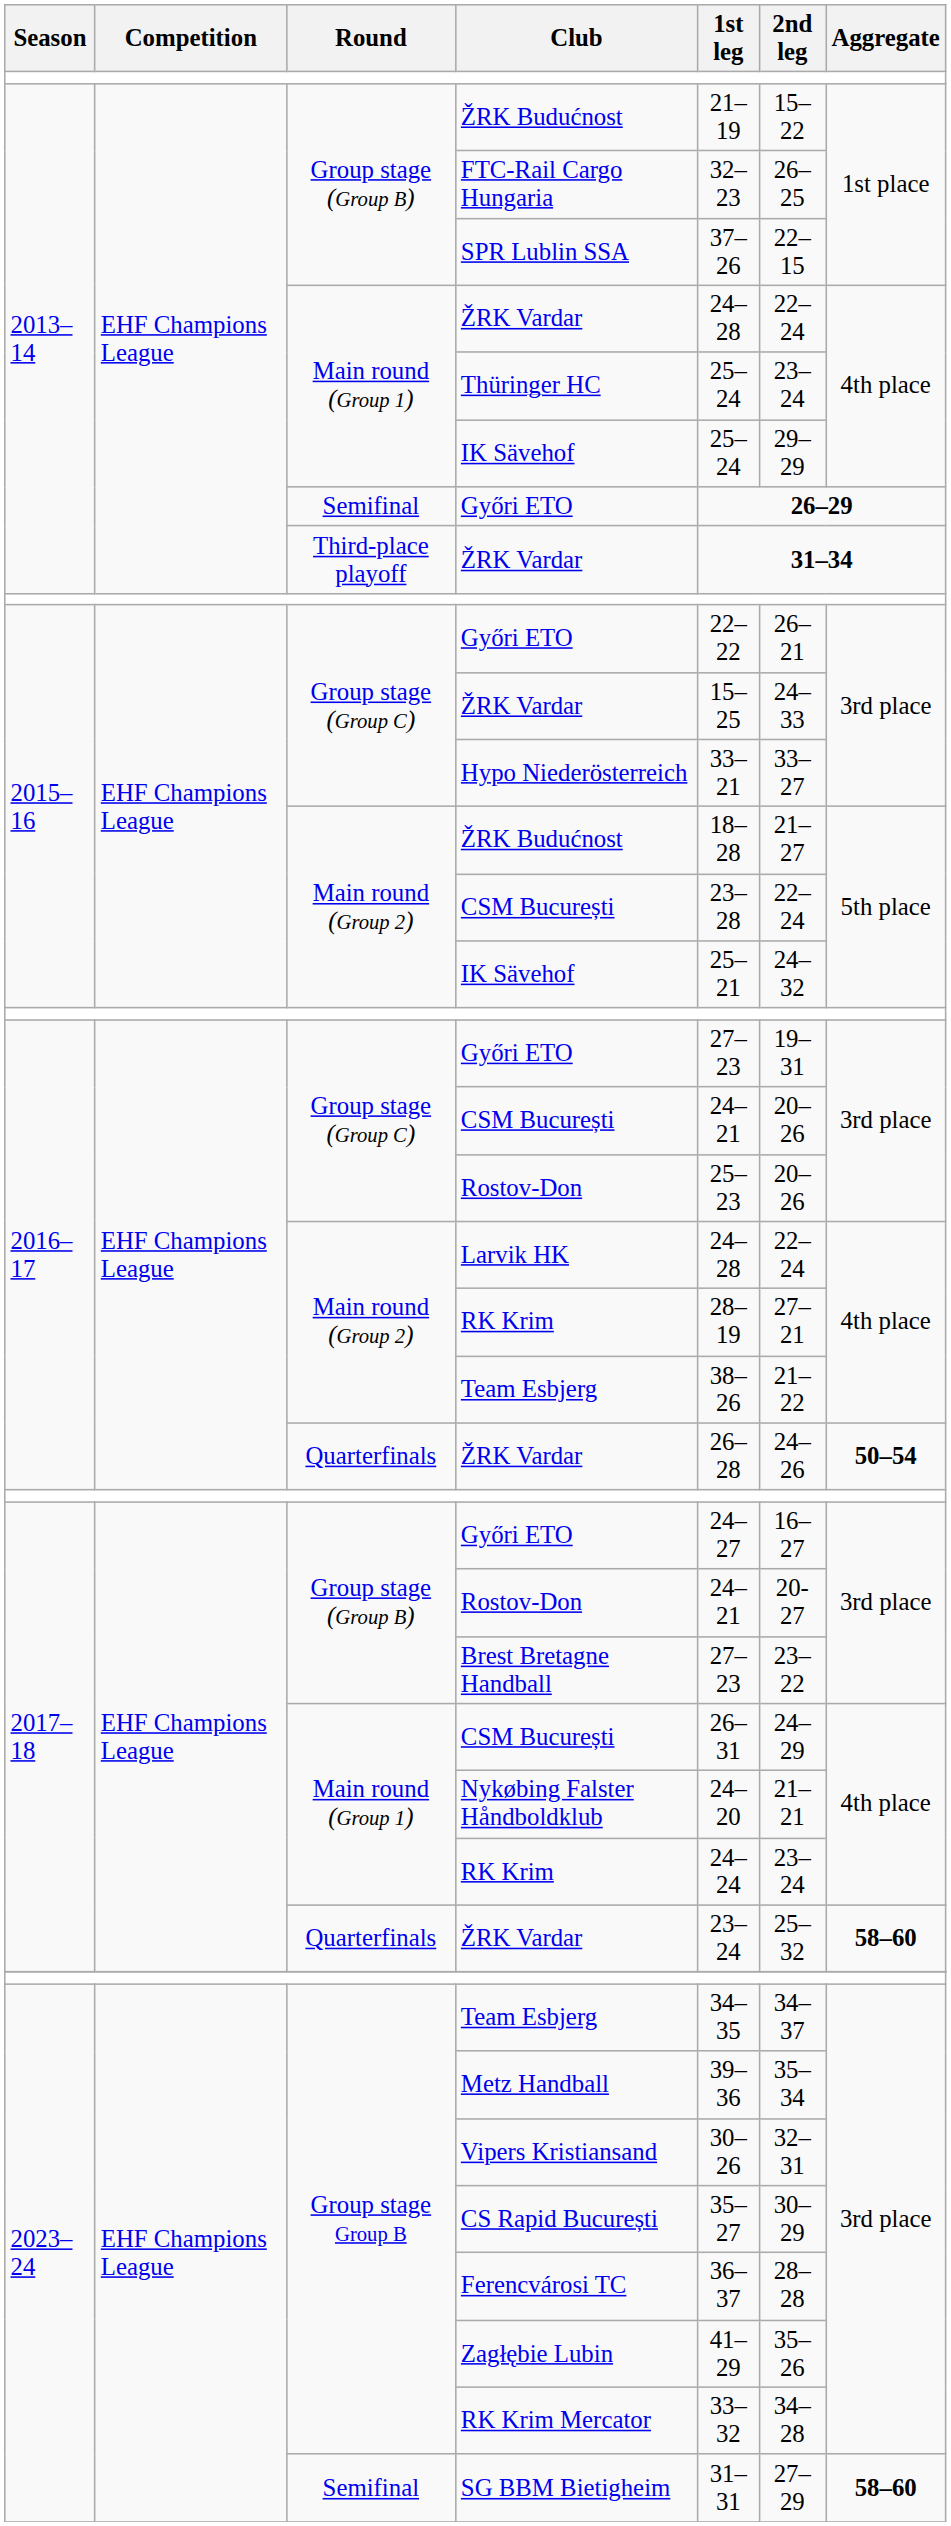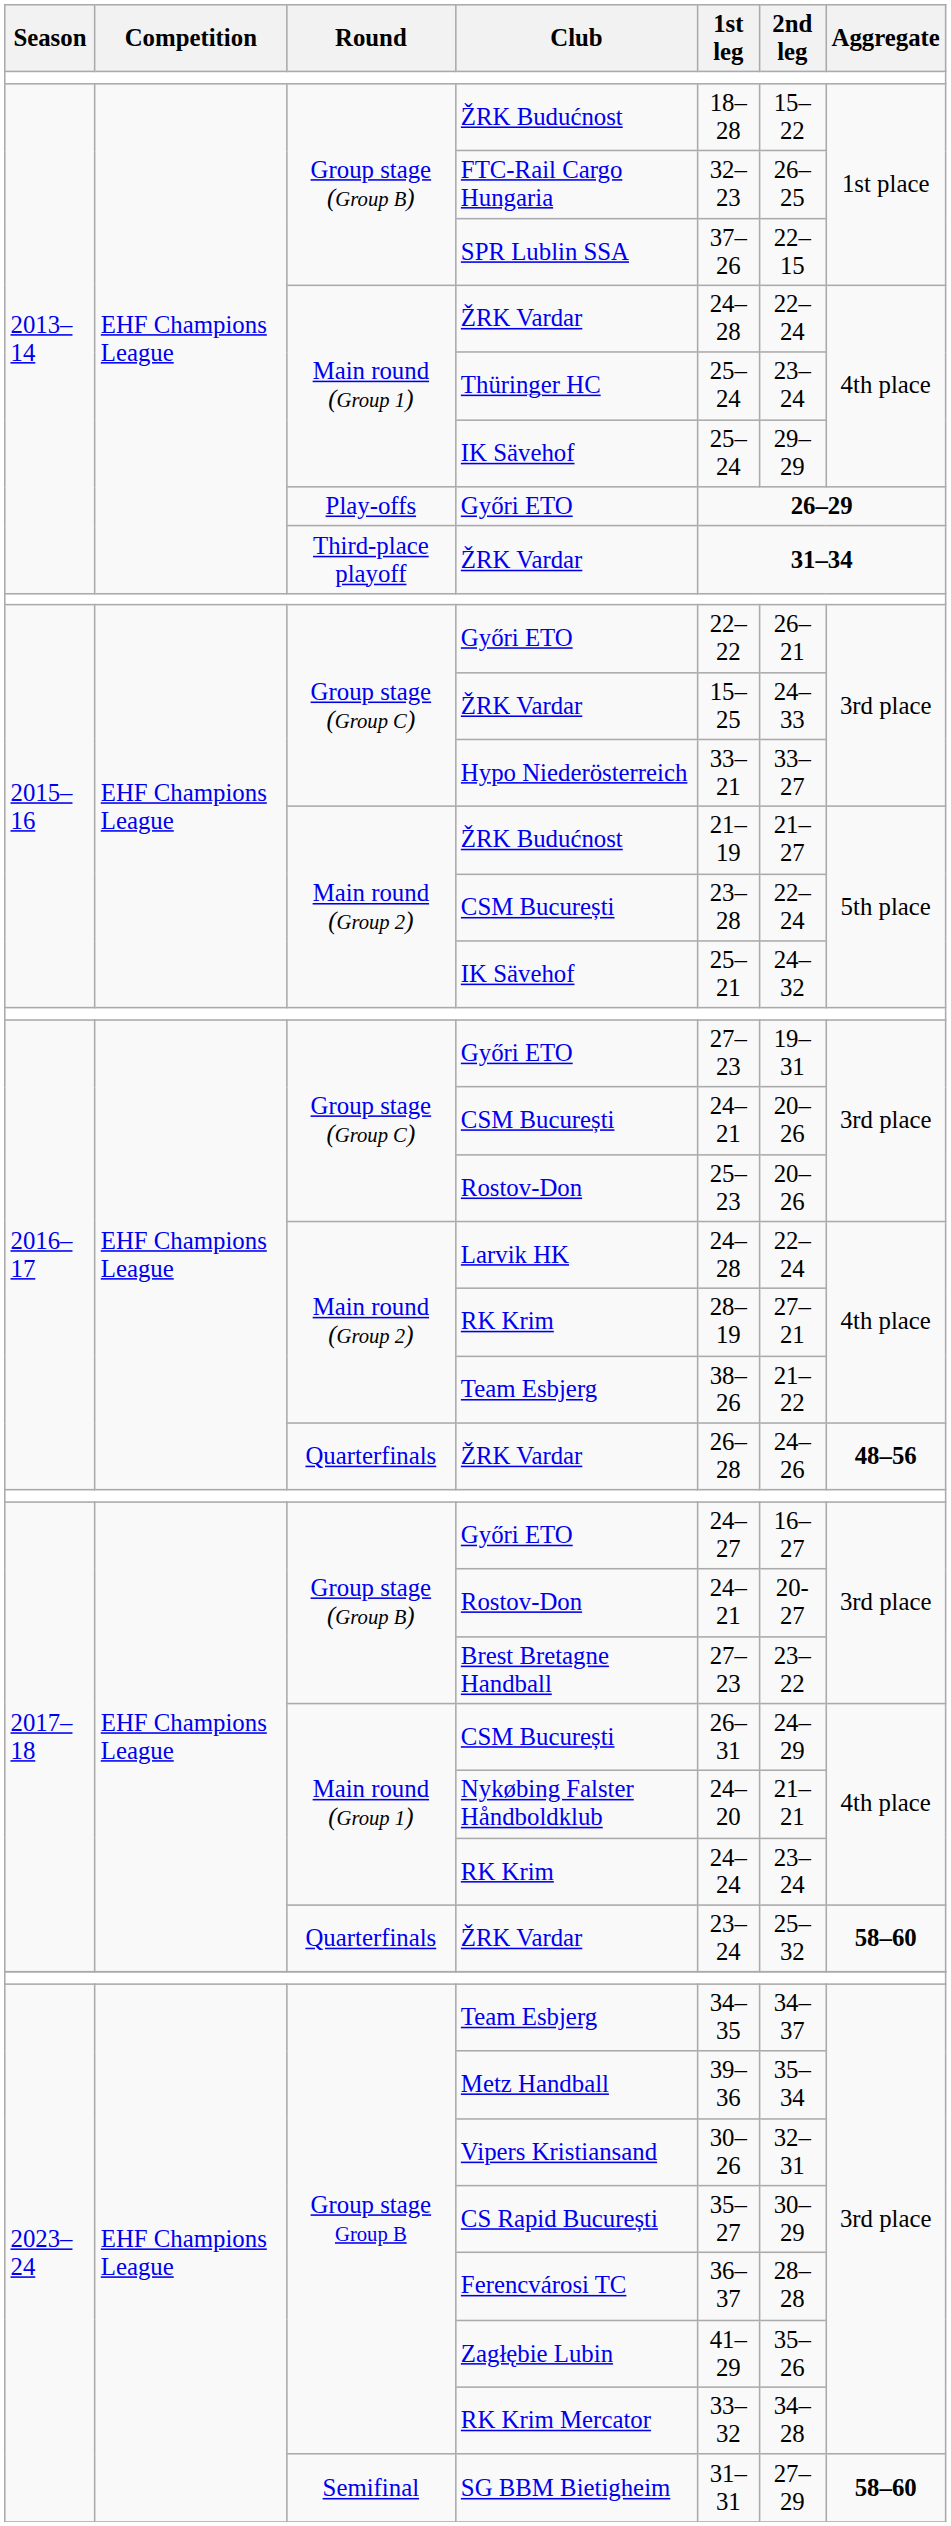 <table class="wikitable">
 <tr>
 <th>Season</th>
 <th>Competition</th>
 <th>Round</th>
 <th>Club</th>
 <th>1st leg</th>
 <th>2nd leg</th>
 <th>Aggregate</th>
 </tr>
 <tr>
 <td colspan="7" bgcolor=white></td>
 </tr>
 <tr>
 <td rowspan="8"><a href='#'>2013–14</a></td>
 <td rowspan="8"><a href='#'>EHF Champions League</a></td>
 <td rowspan="3" style="text-align:center;"><a href='#'>Group stage</a> <br><em>(<small>Group B</small>)</em></td>
 <td> <a href='#'>ŽRK Budućnost</a></td>
-<td style="text-align:center;">21–19</td>
+<td style="text-align:center;">18–28</td>
 <td style="text-align:center;">15–22</td>
 <td rowspan="3" style="text-align:center;">1st place</td>
 </tr>
 <tr>
 <td> <a href='#'>FTC-Rail Cargo Hungaria</a></td>
 <td style="text-align:center;">32–23</td>
 <td style="text-align:center;">26–25</td>
 </tr>
 <tr>
 <td> <a href='#'>SPR Lublin SSA</a></td>
 <td style="text-align:center;">37–26</td>
 <td style="text-align:center;">22–15</td>
 </tr>
 <tr>
 <td rowspan="3" style="text-align:center;"><a href='#'>Main round</a><br><em>(<small>Group 1</small>)</em></td>
 <td> <a href='#'>ŽRK Vardar</a></td>
 <td style="text-align:center;">24–28</td>
 <td style="text-align:center;">22–24</td>
 <td rowspan="3" style="text-align:center;">4th place</td>
 </tr>
 <tr>
 <td> <a href='#'>Thüringer HC</a></td>
 <td style="text-align:center;">25–24</td>
 <td style="text-align:center;">23–24</td>
 </tr>
 <tr>
 <td> <a href='#'>IK Sävehof</a></td>
 <td style="text-align:center;">25–24</td>
 <td style="text-align:center;">29–29</td>
 </tr>
 <tr>
-<td rowspan="1" style="text-align:center;"><a href='#'>Semifinal</a></td>
+<td rowspan="1" style="text-align:center;"><a href='#'>Play-offs</a></td>
 <td> <a href='#'>Győri ETO</a></td>
 <td align=center colspan=3><strong>26–29</strong></td>
 </tr>
 <tr>
 <td rowspan="1" style="text-align:center;"><a href='#'>Third-place playoff</a></td>
 <td> <a href='#'>ŽRK Vardar</a></td>
 <td align=center colspan=3><strong>31–34</strong></td>
 </tr>
 <tr>
 <td colspan="7" bgcolor=white></td>
 </tr>
 <tr>
 <td rowspan="6"><a href='#'>2015–16</a></td>
 <td rowspan="6"><a href='#'>EHF Champions League</a></td>
 <td rowspan="3" style="text-align:center;"><a href='#'>Group stage</a><br><em>(<small>Group C</small>)</em></td>
 <td> <a href='#'>Győri ETO</a></td>
 <td style="text-align:center;">22–22</td>
 <td style="text-align:center;">26–21</td>
 <td rowspan="3" style="text-align:center;">3rd place</td>
 </tr>
 <tr>
 <td> <a href='#'>ŽRK Vardar</a></td>
 <td style="text-align:center;">15–25</td>
 <td style="text-align:center;">24–33</td>
 </tr>
 <tr>
 <td> <a href='#'>Hypo Niederösterreich</a></td>
 <td style="text-align:center;">33–21</td>
 <td style="text-align:center;">33–27</td>
 </tr>
 <tr>
 <td rowspan="3" style="text-align:center;"><a href='#'>Main round</a><br><em>(<small>Group 2</small>)</em></td>
 <td> <a href='#'>ŽRK Budućnost</a></td>
-<td style="text-align:center;">18–28</td>
+<td style="text-align:center;">21–19</td>
 <td style="text-align:center;">21–27</td>
 <td rowspan="3" style="text-align:center;">5th place</td>
 </tr>
 <tr>
 <td> <a href='#'>CSM București</a></td>
 <td style="text-align:center;">23–28</td>
 <td style="text-align:center;">22–24</td>
 </tr>
 <tr>
 <td> <a href='#'>IK Sävehof</a></td>
 <td style="text-align:center;">25–21</td>
 <td style="text-align:center;">24–32</td>
 </tr>
 <tr>
 <td colspan="7" bgcolor=white></td>
 </tr>
 <tr>
 <td rowspan="7"><a href='#'>2016–17</a></td>
 <td rowspan="7"><a href='#'>EHF Champions League</a></td>
 <td rowspan="3" style="text-align:center;"><a href='#'>Group stage</a><br><em>(<small>Group C</small>)</em></td>
 <td> <a href='#'>Győri ETO</a></td>
 <td style="text-align:center;">27–23</td>
 <td style="text-align:center;">19–31</td>
 <td rowspan="3" style="text-align:center;">3rd place</td>
 </tr>
 <tr>
 <td> <a href='#'>CSM București</a></td>
 <td style="text-align:center;">24–21</td>
 <td style="text-align:center;">20–26</td>
 </tr>
 <tr>
 <td> <a href='#'>Rostov-Don</a></td>
 <td style="text-align:center;">25–23</td>
 <td style="text-align:center;">20–26</td>
 </tr>
 <tr>
 <td rowspan="3" style="text-align:center;"><a href='#'>Main round</a><br><em>(<small>Group 2</small>)</em></td>
 <td> <a href='#'>Larvik HK</a></td>
 <td style="text-align:center;">24–28</td>
 <td style="text-align:center;">22–24</td>
 <td rowspan="3" style="text-align:center;">4th place</td>
 </tr>
 <tr>
 <td> <a href='#'>RK Krim</a></td>
 <td style="text-align:center;">28–19</td>
 <td style="text-align:center;">27–21</td>
 </tr>
 <tr>
 <td> <a href='#'>Team Esbjerg</a></td>
 <td style="text-align:center;">38–26</td>
 <td style="text-align:center;">21–22</td>
 </tr>
 <tr>
 <td rowspan="1" style="text-align:center;"><a href='#'>Quarterfinals</a></td>
 <td> <a href='#'>ŽRK Vardar</a></td>
 <td style="text-align:center;">26–28</td>
 <td style="text-align:center;">24–26</td>
-<td style="text-align:center;"><strong>50–54</strong></td>
+<td style="text-align:center;"><strong>48–56</strong></td>
 </tr>
 <tr>
 <td colspan="7" bgcolor=white></td>
 </tr>
 <tr>
 <td rowspan="7"><a href='#'>2017–18</a></td>
 <td rowspan="7"><a href='#'>EHF Champions League</a></td>
 <td rowspan="3" style="text-align:center;"><a href='#'>Group stage</a><br><em>(<small>Group B</small>)</em></td>
 <td> <a href='#'>Győri ETO</a></td>
 <td style="text-align:center;">24–27</td>
 <td style="text-align:center;">16–27</td>
 <td rowspan="3" style="text-align:center;">3rd place</td>
 </tr>
 <tr>
 <td> <a href='#'>Rostov-Don</a></td>
 <td style="text-align:center;">24–21</td>
 <td style="text-align:center;">20-27</td>
 </tr>
 <tr>
 <td> <a href='#'>Brest Bretagne Handball</a></td>
 <td style="text-align:center;">27–23</td>
 <td style="text-align:center;">23–22</td>
 </tr>
 <tr>
 <td rowspan="3" style="text-align:center;"><a href='#'>Main round</a><br><em>(<small>Group 1</small>)</em></td>
 <td> <a href='#'>CSM București</a></td>
 <td style="text-align:center;">26–31</td>
 <td style="text-align:center;">24–29</td>
 <td rowspan="3" style="text-align:center;">4th place</td>
 </tr>
 <tr>
 <td> <a href='#'>Nykøbing Falster Håndboldklub</a></td>
 <td style="text-align:center;">24–20</td>
 <td style="text-align:center;">21–21</td>
 </tr>
 <tr>
 <td> <a href='#'>RK Krim</a></td>
 <td style="text-align:center;">24–24</td>
 <td style="text-align:center;">23–24</td>
 </tr>
 <tr>
 <td rowspan="1" style="text-align:center;"><a href='#'>Quarterfinals</a></td>
 <td> <a href='#'>ŽRK Vardar</a></td>
 <td style="text-align:center;">23–24</td>
 <td style="text-align:center;">25–32</td>
 <td style="text-align:center;"><strong>58–60</strong></td>
 </tr>
 <tr>
 </tr>
 <tr>
 <td colspan=7 style="text-align: center;" bgcolor=white></td>
 </tr>
 <tr>
 <td rowspan=8><a href='#'>2023–24</a></td>
 <td rowspan=8><a href='#'>EHF Champions League</a></td>
 <td rowspan=7 style="text-align:center;"><a href='#'>Group stage<br><small>Group B</small></a></td>
 <td> <a href='#'>Team Esbjerg</a></td>
 <td style="text-align:center;">34–35</td>
 <td style="text-align:center;">34–37</td>
 <td align=center rowspan=7>3rd place</td>
 </tr>
 <tr>
 <td> <a href='#'>Metz Handball</a></td>
 <td style="text-align:center;">39–36</td>
 <td style="text-align:center;">35–34</td>
 </tr>
 <tr>
 <td> <a href='#'>Vipers Kristiansand</a></td>
 <td style="text-align:center;">30–26</td>
 <td style="text-align:center;">32–31</td>
 </tr>
 <tr>
 <td> <a href='#'>CS Rapid București</a></td>
 <td style="text-align:center;">35–27</td>
 <td style="text-align:center;">30–29</td>
 </tr>
 <tr>
 <td> <a href='#'>Ferencvárosi TC</a></td>
 <td style="text-align:center;">36–37</td>
 <td style="text-align:center;">28–28</td>
 </tr>
 <tr>
 <td> <a href='#'>Zagłębie Lubin</a></td>
 <td style="text-align:center;">41–29</td>
 <td style="text-align:center;">35–26</td>
 </tr>
 <tr>
 <td> <a href='#'>RK Krim Mercator</a></td>
 <td style="text-align:center;">33–32</td>
 <td style="text-align:center;">34–28</td>
 </tr>
 <tr>
 <td rowspan="1" style="text-align:center;"><a href='#'>Semifinal</a></td>
 <td> <a href='#'>SG BBM Bietigheim</a></td>
 <td style="text-align:center;">31–31</td>
 <td style="text-align:center;">27–29</td>
 <td style="text-align:center;"><strong>58–60</strong></td>
 </tr>
 </table>
